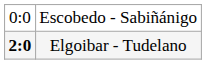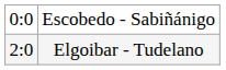 <table class="wikitable">
 <tr align=center bgcolor=white>
 <td>0:0</td>
 <td>Escobedo - Sabiñánigo</td>
 </tr>
 <tr align=center bgcolor=#F5F5F5>
-<td><strong>2:0</strong></td>
+<td>2:0</td>
 <td>Elgoibar - Tudelano</td>
 </tr>
 </table>
